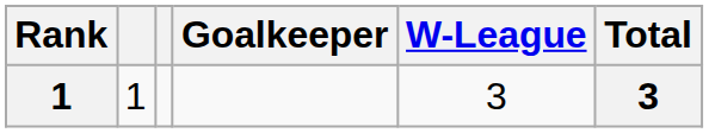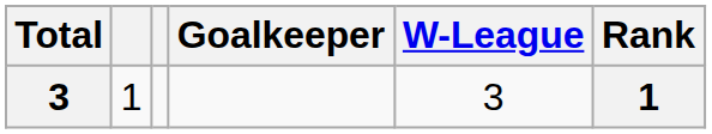 <table class="wikitable" style="text-align:center">
 <tr>
-<th>Rank</th>
+<th>Total</th>
 <th></th>
 <th></th>
 <th>Goalkeeper</th>
 <th><a href='#'>W-League</a></th>
-<th>Total</th>
+<th>Rank</th>
 </tr>
 <tr>
-<th>1</th>
+<th>3</th>
 <td>1</td>
 <td></td>
 <td align="left"></td>
 <td>3</td>
-<th>3</th>
+<th>1</th>
 </tr>
 </table>
